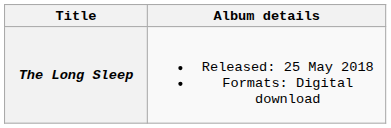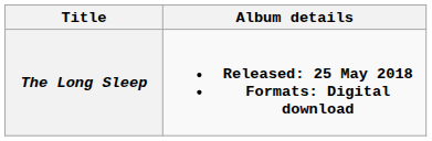 <table class="wikitable plainrowheaders" style="text-align:center">
 <tr>
 <th scope="col" style="width:10em;">Title</th>
 <th scope="col" style="width:17em;">Album details</th>
 </tr>
 <tr>
 <th scope="row"><em>The Long Sleep</em></th>
-<td><br><ul><li>Released: 25 May 2018</li><li>Formats: Digital download</li></ul></td>
+<td><strong><br><ul><li>Released: 25 May 2018</li><li>Formats: Digital download</li></ul></strong></td>
 </tr>
 </table>
